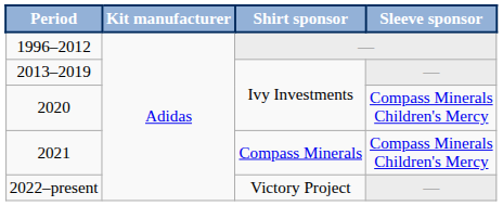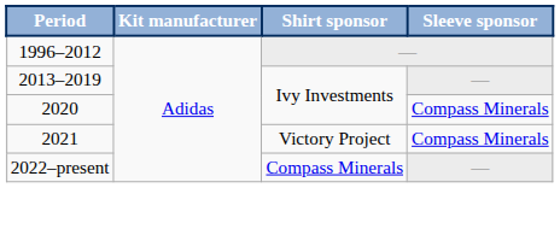 <table class="wikitable" style="text-align:center;margin-left:1em;float:center">
 <tr>
 <th style="background:#93B1D7; color:#FFFFFF; border:2px solid #002A5C;">Period</th>
 <th style="background:#93B1D7; color:#FFFFFF; border:2px solid #002A5C;">Kit manufacturer</th>
 <th style="background:#93B1D7; color:#FFFFFF; border:2px solid #002A5C;">Shirt sponsor</th>
 <th style="background:#93B1D7; color:#FFFFFF; border:2px solid #002A5C;">Sleeve sponsor</th>
 </tr>
 <tr>
 <td>1996–2012</td>
 <td rowspan="5"><a href='#'>Adidas</a></td>
 <td colspan="2" style="background:#ececec; color:gray">—</td>
 </tr>
 <tr>
 <td>2013–2019</td>
 <td rowspan="2">Ivy Investments</td>
 <td style="background:#ececec; color:gray">—</td>
 </tr>
 <tr>
 <td>2020</td>
-<td><a href='#'>Compass Minerals</a><br><a href='#'>Children's Mercy</a></td>
+<td><a href='#'>Compass Minerals</a></td>
 </tr>
 <tr>
 <td>2021</td>
+<td>Victory Project</td>
 <td><a href='#'>Compass Minerals</a></td>
-<td><a href='#'>Compass Minerals</a><br><a href='#'>Children's Mercy</a></td>
 </tr>
 <tr>
 <td>2022–present</td>
-<td>Victory Project</td>
+<td><a href='#'>Compass Minerals</a></td>
 <td style="background:#ececec; color:gray">—</td>
 </tr>
 </table>
